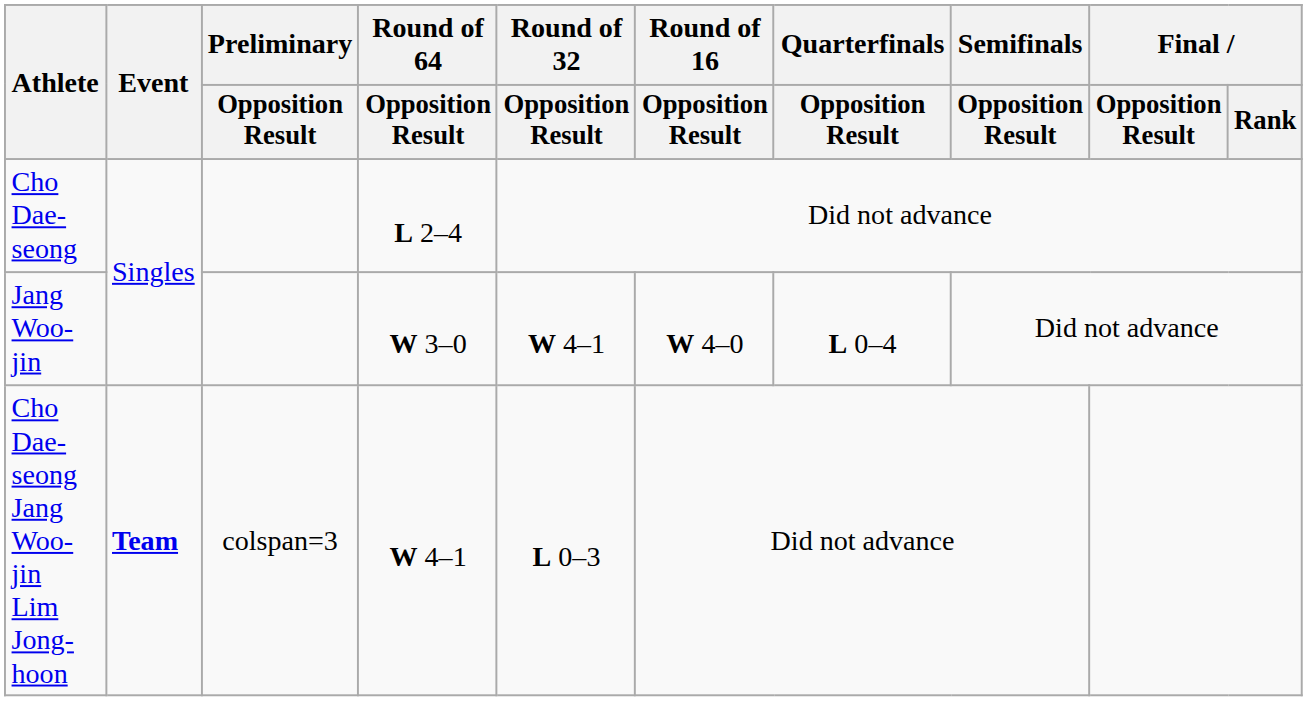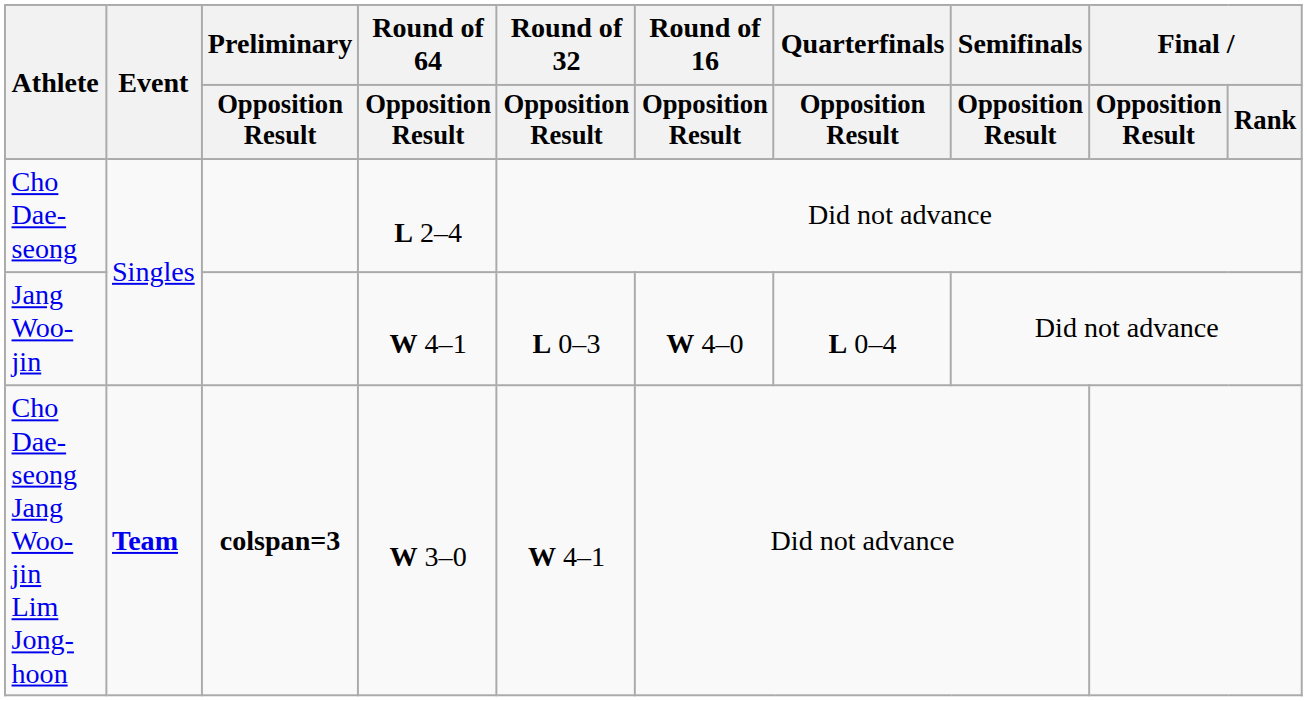 <table class=wikitable style=font-size:90%;text-align:center>
 <tr>
 <th rowspan=2>Athlete</th>
 <th rowspan=2>Event</th>
 <th>Preliminary</th>
 <th>Round of 64</th>
 <th>Round of 32</th>
 <th>Round of 16</th>
 <th>Quarterfinals</th>
 <th>Semifinals</th>
 <th colspan=2>Final / </th>
 </tr>
 <tr style=font-size:95%>
 <th>Opposition<br>Result</th>
 <th>Opposition<br>Result</th>
 <th>Opposition<br>Result</th>
 <th>Opposition<br>Result</th>
 <th>Opposition<br>Result</th>
 <th>Opposition<br>Result</th>
 <th>Opposition<br>Result</th>
 <th>Rank</th>
 </tr>
 <tr>
 <td align=left><a href='#'>Cho Dae-seong</a></td>
 <td align=left rowspan=2><a href='#'>Singles</a></td>
 <td></td>
 <td><br><strong>L</strong> 2–4</td>
 <td colspan=6>Did not advance</td>
 </tr>
 <tr align=center>
 <td align=left><a href='#'>Jang Woo-jin</a></td>
 <td></td>
-<td><br><strong>W</strong> 3–0</td>
 <td><br><strong>W</strong> 4–1</td>
+<td><br><strong>L</strong> 0–3</td>
 <td><br><strong>W</strong> 4–0</td>
 <td><br><strong>L</strong> 0–4</td>
 <td colspan=3>Did not advance</td>
 </tr>
 <tr>
 <td align=left><a href='#'>Cho Dae-seong</a><br><a href='#'>Jang Woo-jin</a><br><a href='#'>Lim Jong-hoon</a></td>
 <td align=left><strong><a href='#'>Team</a></strong></td>
-<td>colspan=3 </td>
+<td><strong>colspan=3 </strong></td>
+<td><br><strong>W</strong> 3–0</td>
 <td><br><strong>W</strong> 4–1</td>
-<td><br><strong>L</strong> 0–3</td>
 <td colspan="3">Did not advance</td>
 </tr>
 </table>
